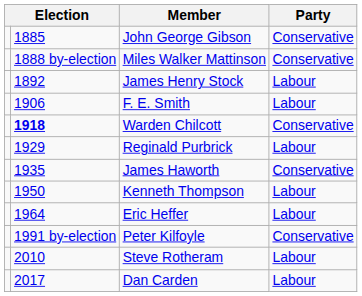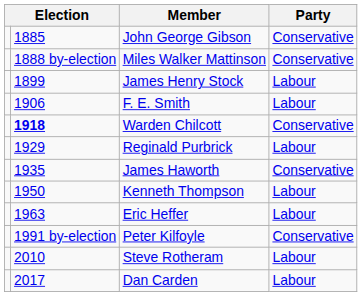 <table class="wikitable">
 <tr>
 <th colspan="2">Election</th>
 <th>Member</th>
 <th>Party</th>
 </tr>
 <tr>
 <td style="color:inherit;background-color: "></td>
 <td><a href='#'>1885</a></td>
 <td><a href='#'>John George Gibson</a></td>
 <td><a href='#'>Conservative</a></td>
 </tr>
 <tr>
 <td style="color:inherit;background-color: "></td>
 <td><a href='#'>1888 by-election</a></td>
 <td><a href='#'>Miles Walker Mattinson</a></td>
 <td><a href='#'>Conservative</a></td>
 </tr>
 <tr>
 <td style="color:inherit;background-color: "></td>
-<td><a href='#'>1892</a></td>
+<td><a href='#'>1899</a></td>
 <td><a href='#'>James Henry Stock</a></td>
 <td><a href='#'>Labour</a></td>
 </tr>
 <tr>
 <td style="color:inherit;background-color: "></td>
 <td><a href='#'>1906</a></td>
 <td><a href='#'>F. E. Smith</a></td>
 <td><a href='#'>Labour</a></td>
 </tr>
 <tr>
 <td style="color:inherit;background-color: "></td>
 <td><strong><a href='#'>1918</a></strong></td>
 <td><a href='#'>Warden Chilcott</a></td>
 <td><a href='#'>Conservative</a></td>
 </tr>
 <tr>
 <td style="color:inherit;background-color: "></td>
 <td><a href='#'>1929</a></td>
 <td><a href='#'>Reginald Purbrick</a></td>
 <td><a href='#'>Labour</a></td>
 </tr>
 <tr>
 <td style="color:inherit;background-color: "></td>
 <td><a href='#'>1935</a></td>
 <td><a href='#'>James Haworth</a></td>
 <td><a href='#'>Conservative</a></td>
 </tr>
 <tr>
 <td style="color:inherit;background-color: "></td>
 <td><a href='#'>1950</a></td>
 <td><a href='#'>Kenneth Thompson</a></td>
 <td><a href='#'>Labour</a></td>
 </tr>
 <tr>
 <td style="color:inherit;background-color: "></td>
-<td><a href='#'>1964</a></td>
+<td><a href='#'>1963</a></td>
 <td><a href='#'>Eric Heffer</a></td>
 <td><a href='#'>Labour</a></td>
 </tr>
 <tr>
 <td style="color:inherit;background-color: "></td>
 <td><a href='#'>1991 by-election</a></td>
 <td><a href='#'>Peter Kilfoyle</a></td>
 <td><a href='#'>Conservative</a></td>
 </tr>
 <tr>
 <td style="color:inherit;background-color: "></td>
 <td><a href='#'>2010</a></td>
 <td><a href='#'>Steve Rotheram</a></td>
 <td><a href='#'>Labour</a></td>
 </tr>
 <tr>
 <td style="color:inherit;background-color: "></td>
 <td><a href='#'>2017</a></td>
 <td><a href='#'>Dan Carden</a></td>
 <td><a href='#'>Labour</a></td>
 </tr>
 </table>
